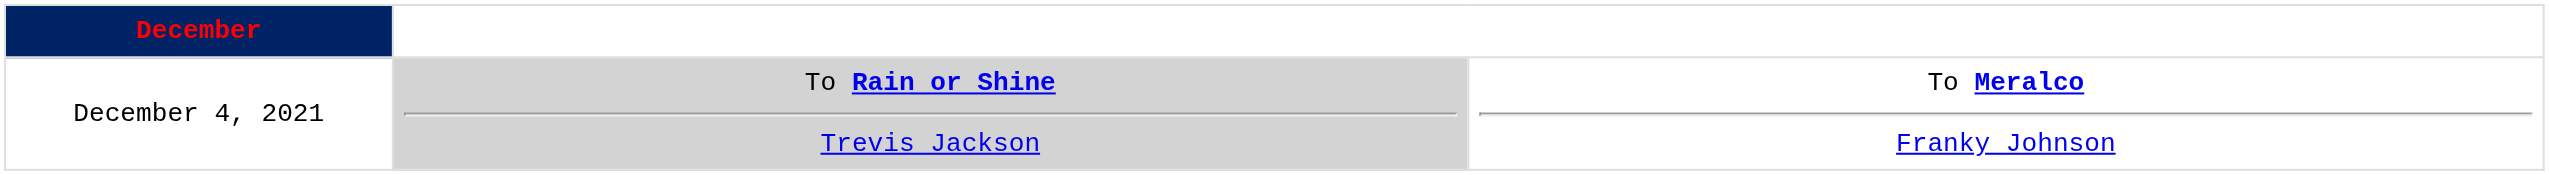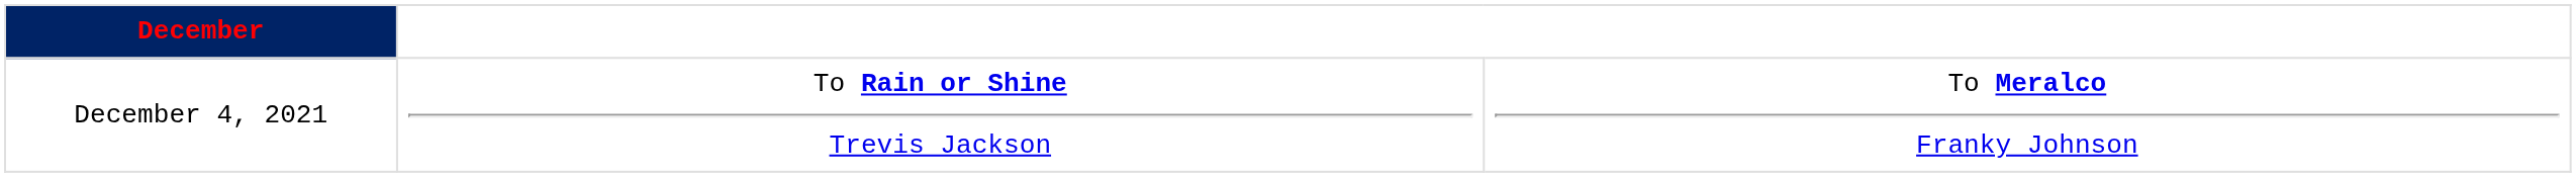 <table border=1 style="border-collapse:collapse; text-align: center; width: 100%" bordercolor="#DFDFDF"  cellpadding="5">
 <tr bgcolor="eeeeee">
 <th style="background:#002366; color:#FE0003; ">December</th>
 </tr>
 <tr>
 <td style="width:12%">December 4, 2021</td>
-<td style="background: lightgrey; width:33.3%" valign="top">To <strong><a href='#'>Rain or Shine</a></strong><hr><a href='#'>Trevis Jackson</a></td>
+<td style="width:33.3%" valign="top">To <strong><a href='#'>Rain or Shine</a></strong><hr><a href='#'>Trevis Jackson</a></td>
 <td style="width:33.3%" valign="top">To <strong><a href='#'>Meralco</a></strong><hr><a href='#'>Franky Johnson</a></td>
 </tr>
 </table>
